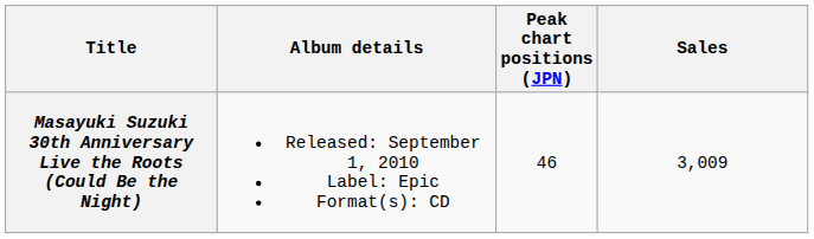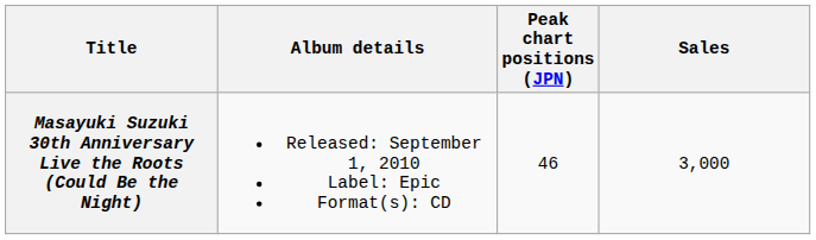 <table class="wikitable plainrowheaders" style="text-align:center;">
 <tr>
 <th style="width:12em;">Title</th>
 <th style="width:16em;">Album details</th>
 <th>Peak chart<br>positions<br>(<a href='#'>JPN</a>)<br></th>
 <th style="width:12em;">Sales<br></th>
 </tr>
 <tr>
 <th scope="row"><em>Masayuki Suzuki 30th Anniversary Live the Roots (Could Be the Night)</em></th>
 <td><br><ul><li>Released: September 1, 2010</li><li>Label: Epic</li><li>Format(s): CD</li></ul></td>
 <td>46</td>
-<td>3,009</td>
+<td>3,000</td>
 </tr>
 </table>
